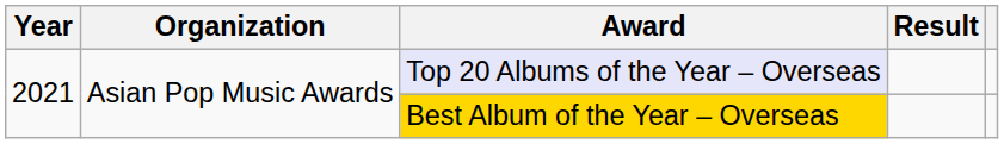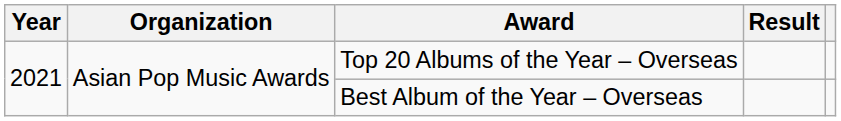 <table class="wikitable plainrowheaders">
 <tr align=center>
 <th scope="col">Year</th>
 <th scope="col">Organization</th>
 <th scope="col">Award</th>
 <th scope="col">Result</th>
 <th scope="col"></th>
 </tr>
 <tr>
 <td align="center" rowspan="2">2021</td>
 <td rowspan="2">Asian Pop Music Awards</td>
-<td style="background: lavender;">Top 20 Albums of the Year – Overseas</td>
+<td>Top 20 Albums of the Year – Overseas</td>
 <td></td>
 <td style="text-align:center"></td>
 </tr>
 <tr>
-<td style="background: gold;">Best Album of the Year – Overseas</td>
+<td>Best Album of the Year – Overseas</td>
 <td></td>
 <td style="text-align:center"></td>
 </tr>
 </table>
